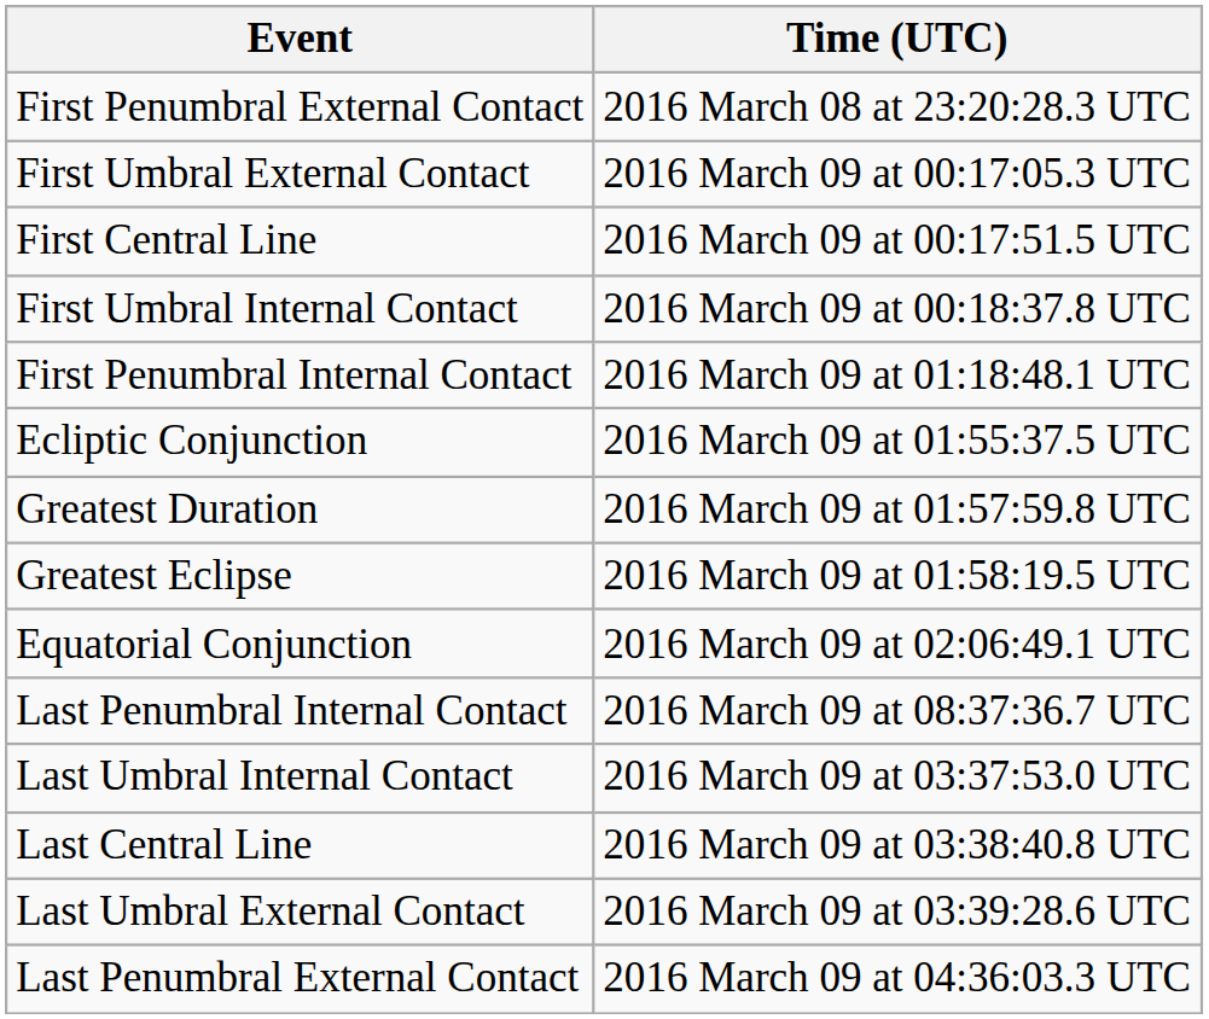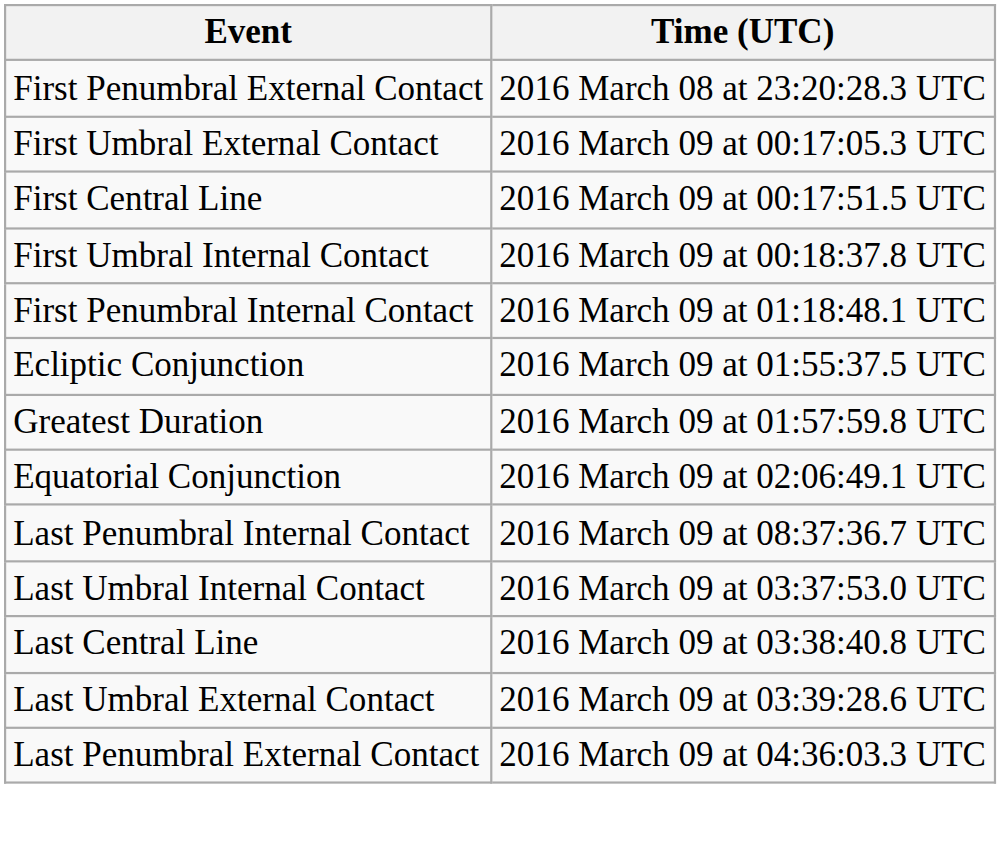 <table class="wikitable">
 <tr>
 <th>Event</th>
 <th>Time (UTC)</th>
 </tr>
 <tr>
 <td>First Penumbral External Contact</td>
 <td>2016 March 08 at 23:20:28.3 UTC</td>
 </tr>
 <tr>
 <td>First Umbral External Contact</td>
 <td>2016 March 09 at 00:17:05.3 UTC</td>
 </tr>
 <tr>
 <td>First Central Line</td>
 <td>2016 March 09 at 00:17:51.5 UTC</td>
 </tr>
 <tr>
 <td>First Umbral Internal Contact</td>
 <td>2016 March 09 at 00:18:37.8 UTC</td>
 </tr>
 <tr>
 <td>First Penumbral Internal Contact</td>
 <td>2016 March 09 at 01:18:48.1 UTC</td>
 </tr>
 <tr>
 <td>Ecliptic Conjunction</td>
 <td>2016 March 09 at 01:55:37.5 UTC</td>
 </tr>
 <tr>
 <td>Greatest Duration</td>
 <td>2016 March 09 at 01:57:59.8 UTC</td>
 </tr>
 <tr>
-<td>Greatest Eclipse</td>
-<td>2016 March 09 at 01:58:19.5 UTC</td>
-</tr>
-<tr>
 <td>Equatorial Conjunction</td>
 <td>2016 March 09 at 02:06:49.1 UTC</td>
 </tr>
 <tr>
 <td>Last Penumbral Internal Contact</td>
 <td>2016 March 09 at 08:37:36.7 UTC</td>
 </tr>
 <tr>
 <td>Last Umbral Internal Contact</td>
 <td>2016 March 09 at 03:37:53.0 UTC</td>
 </tr>
 <tr>
 <td>Last Central Line</td>
 <td>2016 March 09 at 03:38:40.8 UTC</td>
 </tr>
 <tr>
 <td>Last Umbral External Contact</td>
 <td>2016 March 09 at 03:39:28.6 UTC</td>
 </tr>
 <tr>
 <td>Last Penumbral External Contact</td>
 <td>2016 March 09 at 04:36:03.3 UTC</td>
 </tr>
 </table>
